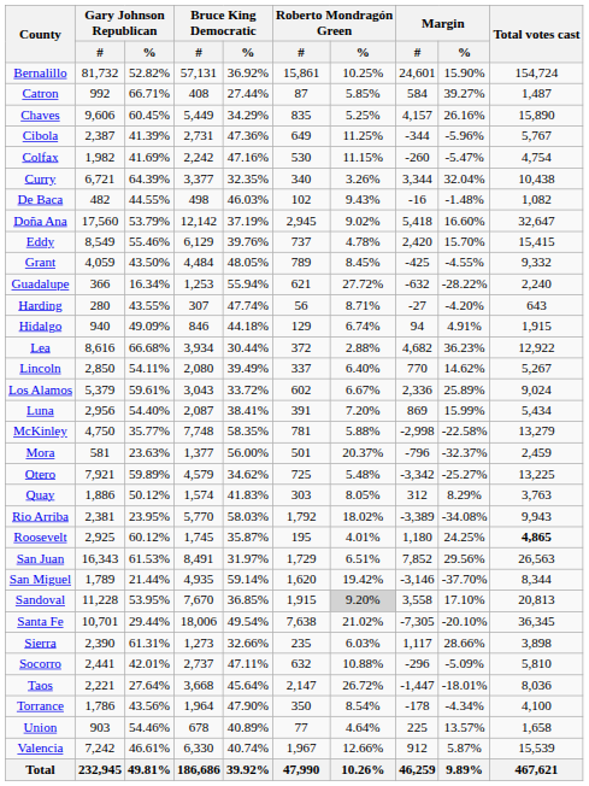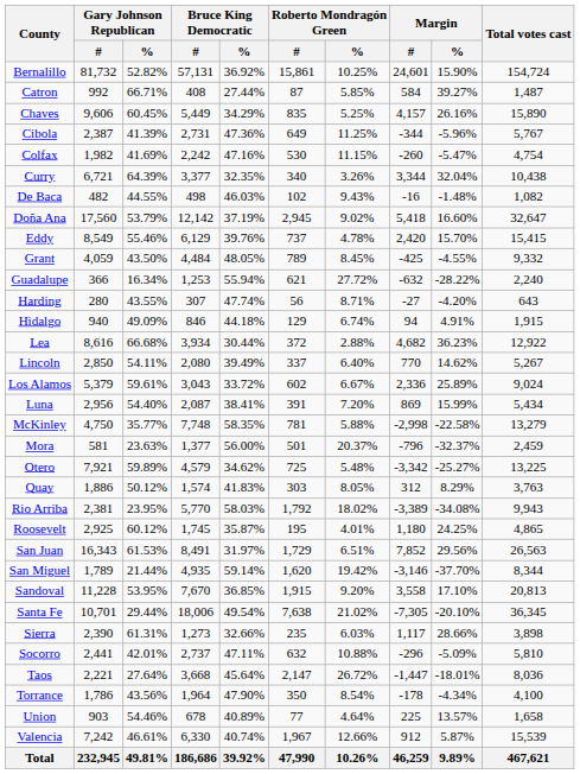 <table class="wikitable sortable" style="text-align:center">
 <tr>
 <th style="text-align:center;" rowspan="2">County</th>
 <th style="text-align:center;" colspan="2">Gary Johnson<br>Republican</th>
 <th style="text-align:center;" colspan="2">Bruce King<br>Democratic</th>
 <th style="text-align:center;" colspan="2">Roberto Mondragón<br>Green</th>
 <th style="text-align:center;" colspan="2">Margin</th>
 <th style="text-align:center;" rowspan="2">Total votes cast</th>
 </tr>
 <tr>
 <th style="text-align:center;" data-sort-type="number">#</th>
 <th style="text-align:center;" data-sort-type="number">%</th>
 <th style="text-align:center;" data-sort-type="number">#</th>
 <th style="text-align:center;" data-sort-type="number">%</th>
 <th style="text-align:center;" data-sort-type="number">#</th>
 <th style="text-align:center;" data-sort-type="number">%</th>
 <th style="text-align:center;" data-sort-type="number">#</th>
 <th style="text-align:center;" data-sort-type="number">%</th>
 </tr>
 <tr style="text-align:center;">
 <td><a href='#'>Bernalillo</a></td>
 <td>81,732</td>
 <td>52.82%</td>
 <td>57,131</td>
 <td>36.92%</td>
 <td>15,861</td>
 <td>10.25%</td>
 <td>24,601</td>
 <td>15.90%</td>
 <td>154,724</td>
 </tr>
 <tr style="text-align:center;">
 <td><a href='#'>Catron</a></td>
 <td>992</td>
 <td>66.71%</td>
 <td>408</td>
 <td>27.44%</td>
 <td>87</td>
 <td>5.85%</td>
 <td>584</td>
 <td>39.27%</td>
 <td>1,487</td>
 </tr>
 <tr style="text-align:center;">
 <td><a href='#'>Chaves</a></td>
 <td>9,606</td>
 <td>60.45%</td>
 <td>5,449</td>
 <td>34.29%</td>
 <td>835</td>
 <td>5.25%</td>
 <td>4,157</td>
 <td>26.16%</td>
 <td>15,890</td>
 </tr>
 <tr style="text-align:center;">
 <td><a href='#'>Cibola</a></td>
 <td>2,387</td>
 <td>41.39%</td>
 <td>2,731</td>
 <td>47.36%</td>
 <td>649</td>
 <td>11.25%</td>
 <td>-344</td>
 <td>-5.96%</td>
 <td>5,767</td>
 </tr>
 <tr style="text-align:center;">
 <td><a href='#'>Colfax</a></td>
 <td>1,982</td>
 <td>41.69%</td>
 <td>2,242</td>
 <td>47.16%</td>
 <td>530</td>
 <td>11.15%</td>
 <td>-260</td>
 <td>-5.47%</td>
 <td>4,754</td>
 </tr>
 <tr style="text-align:center;">
 <td><a href='#'>Curry</a></td>
 <td>6,721</td>
 <td>64.39%</td>
 <td>3,377</td>
 <td>32.35%</td>
 <td>340</td>
 <td>3.26%</td>
 <td>3,344</td>
 <td>32.04%</td>
 <td>10,438</td>
 </tr>
 <tr style="text-align:center;">
 <td><a href='#'>De Baca</a></td>
 <td>482</td>
 <td>44.55%</td>
 <td>498</td>
 <td>46.03%</td>
 <td>102</td>
 <td>9.43%</td>
 <td>-16</td>
 <td>-1.48%</td>
 <td>1,082</td>
 </tr>
 <tr style="text-align:center;">
 <td><a href='#'>Doña Ana</a></td>
 <td>17,560</td>
 <td>53.79%</td>
 <td>12,142</td>
 <td>37.19%</td>
 <td>2,945</td>
 <td>9.02%</td>
 <td>5,418</td>
 <td>16.60%</td>
 <td>32,647</td>
 </tr>
 <tr style="text-align:center;">
 <td><a href='#'>Eddy</a></td>
 <td>8,549</td>
 <td>55.46%</td>
 <td>6,129</td>
 <td>39.76%</td>
 <td>737</td>
 <td>4.78%</td>
 <td>2,420</td>
 <td>15.70%</td>
 <td>15,415</td>
 </tr>
 <tr style="text-align:center;">
 <td><a href='#'>Grant</a></td>
 <td>4,059</td>
 <td>43.50%</td>
 <td>4,484</td>
 <td>48.05%</td>
 <td>789</td>
 <td>8.45%</td>
 <td>-425</td>
 <td>-4.55%</td>
 <td>9,332</td>
 </tr>
 <tr style="text-align:center;">
 <td><a href='#'>Guadalupe</a></td>
 <td>366</td>
 <td>16.34%</td>
 <td>1,253</td>
 <td>55.94%</td>
 <td>621</td>
 <td>27.72%</td>
 <td>-632</td>
 <td>-28.22%</td>
 <td>2,240</td>
 </tr>
 <tr style="text-align:center;">
 <td><a href='#'>Harding</a></td>
 <td>280</td>
 <td>43.55%</td>
 <td>307</td>
 <td>47.74%</td>
 <td>56</td>
 <td>8.71%</td>
 <td>-27</td>
 <td>-4.20%</td>
 <td>643</td>
 </tr>
 <tr style="text-align:center;">
 <td><a href='#'>Hidalgo</a></td>
 <td>940</td>
 <td>49.09%</td>
 <td>846</td>
 <td>44.18%</td>
 <td>129</td>
 <td>6.74%</td>
 <td>94</td>
 <td>4.91%</td>
 <td>1,915</td>
 </tr>
 <tr style="text-align:center;">
 <td><a href='#'>Lea</a></td>
 <td>8,616</td>
 <td>66.68%</td>
 <td>3,934</td>
 <td>30.44%</td>
 <td>372</td>
 <td>2.88%</td>
 <td>4,682</td>
 <td>36.23%</td>
 <td>12,922</td>
 </tr>
 <tr style="text-align:center;">
 <td><a href='#'>Lincoln</a></td>
 <td>2,850</td>
 <td>54.11%</td>
 <td>2,080</td>
 <td>39.49%</td>
 <td>337</td>
 <td>6.40%</td>
 <td>770</td>
 <td>14.62%</td>
 <td>5,267</td>
 </tr>
 <tr style="text-align:center;">
 <td><a href='#'>Los Alamos</a></td>
 <td>5,379</td>
 <td>59.61%</td>
 <td>3,043</td>
 <td>33.72%</td>
 <td>602</td>
 <td>6.67%</td>
 <td>2,336</td>
 <td>25.89%</td>
 <td>9,024</td>
 </tr>
 <tr style="text-align:center;">
 <td><a href='#'>Luna</a></td>
 <td>2,956</td>
 <td>54.40%</td>
 <td>2,087</td>
 <td>38.41%</td>
 <td>391</td>
 <td>7.20%</td>
 <td>869</td>
 <td>15.99%</td>
 <td>5,434</td>
 </tr>
 <tr style="text-align:center;">
 <td><a href='#'>McKinley</a></td>
 <td>4,750</td>
 <td>35.77%</td>
 <td>7,748</td>
 <td>58.35%</td>
 <td>781</td>
 <td>5.88%</td>
 <td>-2,998</td>
 <td>-22.58%</td>
 <td>13,279</td>
 </tr>
 <tr style="text-align:center;">
 <td><a href='#'>Mora</a></td>
 <td>581</td>
 <td>23.63%</td>
 <td>1,377</td>
 <td>56.00%</td>
 <td>501</td>
 <td>20.37%</td>
 <td>-796</td>
 <td>-32.37%</td>
 <td>2,459</td>
 </tr>
 <tr style="text-align:center;">
 <td><a href='#'>Otero</a></td>
 <td>7,921</td>
 <td>59.89%</td>
 <td>4,579</td>
 <td>34.62%</td>
 <td>725</td>
 <td>5.48%</td>
 <td>-3,342</td>
 <td>-25.27%</td>
 <td>13,225</td>
 </tr>
 <tr style="text-align:center;">
 <td><a href='#'>Quay</a></td>
 <td>1,886</td>
 <td>50.12%</td>
 <td>1,574</td>
 <td>41.83%</td>
 <td>303</td>
 <td>8.05%</td>
 <td>312</td>
 <td>8.29%</td>
 <td>3,763</td>
 </tr>
 <tr style="text-align:center;">
 <td><a href='#'>Rio Arriba</a></td>
 <td>2,381</td>
 <td>23.95%</td>
 <td>5,770</td>
 <td>58.03%</td>
 <td>1,792</td>
 <td>18.02%</td>
 <td>-3,389</td>
 <td>-34.08%</td>
 <td>9,943</td>
 </tr>
 <tr style="text-align:center;">
 <td><a href='#'>Roosevelt</a></td>
 <td>2,925</td>
 <td>60.12%</td>
 <td>1,745</td>
 <td>35.87%</td>
 <td>195</td>
 <td>4.01%</td>
 <td>1,180</td>
 <td>24.25%</td>
-<td><strong>4,865</strong></td>
+<td>4,865</td>
 </tr>
 <tr style="text-align:center;">
 <td><a href='#'>San Juan</a></td>
 <td>16,343</td>
 <td>61.53%</td>
 <td>8,491</td>
 <td>31.97%</td>
 <td>1,729</td>
 <td>6.51%</td>
 <td>7,852</td>
 <td>29.56%</td>
 <td>26,563</td>
 </tr>
 <tr style="text-align:center;">
 <td><a href='#'>San Miguel</a></td>
 <td>1,789</td>
 <td>21.44%</td>
 <td>4,935</td>
 <td>59.14%</td>
 <td>1,620</td>
 <td>19.42%</td>
 <td>-3,146</td>
 <td>-37.70%</td>
 <td>8,344</td>
 </tr>
 <tr style="text-align:center;">
 <td><a href='#'>Sandoval</a></td>
 <td>11,228</td>
 <td>53.95%</td>
 <td>7,670</td>
 <td>36.85%</td>
 <td>1,915</td>
-<td style="background: lightgrey;">9.20%</td>
+<td>9.20%</td>
 <td>3,558</td>
 <td>17.10%</td>
 <td>20,813</td>
 </tr>
 <tr style="text-align:center;">
 <td><a href='#'>Santa Fe</a></td>
 <td>10,701</td>
 <td>29.44%</td>
 <td>18,006</td>
 <td>49.54%</td>
 <td>7,638</td>
 <td>21.02%</td>
 <td>-7,305</td>
 <td>-20.10%</td>
 <td>36,345</td>
 </tr>
 <tr style="text-align:center;">
 <td><a href='#'>Sierra</a></td>
 <td>2,390</td>
 <td>61.31%</td>
 <td>1,273</td>
 <td>32.66%</td>
 <td>235</td>
 <td>6.03%</td>
 <td>1,117</td>
 <td>28.66%</td>
 <td>3,898</td>
 </tr>
 <tr style="text-align:center;">
 <td><a href='#'>Socorro</a></td>
 <td>2,441</td>
 <td>42.01%</td>
 <td>2,737</td>
 <td>47.11%</td>
 <td>632</td>
 <td>10.88%</td>
 <td>-296</td>
 <td>-5.09%</td>
 <td>5,810</td>
 </tr>
 <tr style="text-align:center;">
 <td><a href='#'>Taos</a></td>
 <td>2,221</td>
 <td>27.64%</td>
 <td>3,668</td>
 <td>45.64%</td>
 <td>2,147</td>
 <td>26.72%</td>
 <td>-1,447</td>
 <td>-18.01%</td>
 <td>8,036</td>
 </tr>
 <tr style="text-align:center;">
 <td><a href='#'>Torrance</a></td>
 <td>1,786</td>
 <td>43.56%</td>
 <td>1,964</td>
 <td>47.90%</td>
 <td>350</td>
 <td>8.54%</td>
 <td>-178</td>
 <td>-4.34%</td>
 <td>4,100</td>
 </tr>
 <tr style="text-align:center;">
 <td><a href='#'>Union</a></td>
 <td>903</td>
 <td>54.46%</td>
 <td>678</td>
 <td>40.89%</td>
 <td>77</td>
 <td>4.64%</td>
 <td>225</td>
 <td>13.57%</td>
 <td>1,658</td>
 </tr>
 <tr style="text-align:center;">
 <td><a href='#'>Valencia</a></td>
 <td>7,242</td>
 <td>46.61%</td>
 <td>6,330</td>
 <td>40.74%</td>
 <td>1,967</td>
 <td>12.66%</td>
 <td>912</td>
 <td>5.87%</td>
 <td>15,539</td>
 </tr>
 <tr style="text-align:center;">
 <th>Total</th>
 <th>232,945</th>
 <th>49.81%</th>
 <th>186,686</th>
 <th>39.92%</th>
 <th>47,990</th>
 <th>10.26%</th>
 <th>46,259</th>
 <th>9.89%</th>
 <th>467,621</th>
 </tr>
 </table>
